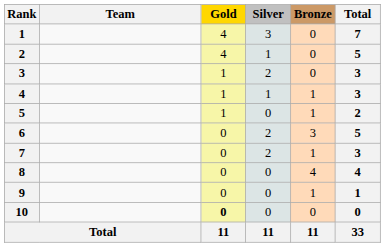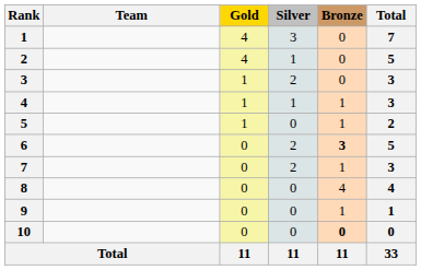 <table class="wikitable" style="text-align:center;">
 <tr>
 <th>Rank</th>
 <th width=200px>Team</th>
 <th style="background:gold;" width=50px align=center>Gold</th>
 <th style="background:silver;" width=50px align=center>Silver</th>
 <th style="background:#cc9966;" width=50px align=center>Bronze</th>
 <th width=50px align=center>Total</th>
 </tr>
 <tr>
 <th>1</th>
 <td align=left></td>
 <td bgcolor="#F7F6A8">4</td>
 <td bgcolor="#DCE5E5">3</td>
 <td bgcolor="#FFDAB9">0</td>
 <th>7</th>
 </tr>
 <tr>
 <th>2</th>
 <td align=left></td>
 <td bgcolor="#F7F6A8">4</td>
 <td bgcolor="#DCE5E5">1</td>
 <td bgcolor="#FFDAB9">0</td>
 <th>5</th>
 </tr>
 <tr>
 <th>3</th>
 <td align=left></td>
 <td bgcolor="#F7F6A8">1</td>
 <td bgcolor="#DCE5E5">2</td>
 <td bgcolor="#FFDAB9">0</td>
 <th>3</th>
 </tr>
 <tr>
 <th>4</th>
 <td align=left></td>
 <td bgcolor="#F7F6A8">1</td>
 <td bgcolor="#DCE5E5">1</td>
 <td bgcolor="#FFDAB9">1</td>
 <th>3</th>
 </tr>
 <tr>
 <th>5</th>
 <td align=left></td>
 <td bgcolor="#F7F6A8">1</td>
 <td bgcolor="#DCE5E5">0</td>
 <td bgcolor="#FFDAB9">1</td>
 <th>2</th>
 </tr>
 <tr>
 <th>6</th>
 <td align=left></td>
 <td bgcolor="#F7F6A8">0</td>
 <td bgcolor="#DCE5E5">2</td>
-<td bgcolor="#FFDAB9">3</td>
+<td bgcolor="#FFDAB9"><strong>3</strong></td>
 <th>5</th>
 </tr>
 <tr>
 <th>7</th>
 <td align=left></td>
 <td bgcolor="#F7F6A8">0</td>
 <td bgcolor="#DCE5E5">2</td>
 <td bgcolor="#FFDAB9">1</td>
 <th>3</th>
 </tr>
 <tr>
 <th>8</th>
 <td align=left></td>
 <td bgcolor="#F7F6A8">0</td>
 <td bgcolor="#DCE5E5">0</td>
 <td bgcolor="#FFDAB9">4</td>
 <th>4</th>
 </tr>
 <tr>
 <th>9</th>
 <td align=left></td>
 <td bgcolor="#F7F6A8">0</td>
 <td bgcolor="#DCE5E5">0</td>
 <td bgcolor="#FFDAB9">1</td>
 <th>1</th>
 </tr>
 <tr>
 <th>10</th>
 <td align=left></td>
-<td bgcolor="#F7F6A8"><strong>0</strong></td>
+<td bgcolor="#F7F6A8">0</td>
 <td bgcolor="#DCE5E5">0</td>
-<td bgcolor="#FFDAB9">0</td>
+<td bgcolor="#FFDAB9"><strong>0</strong></td>
 <th>0</th>
 </tr>
 <tr>
 <th colspan=2>Total</th>
 <th>11</th>
 <th>11</th>
 <th>11</th>
 <th>33</th>
 </tr>
 </table>
